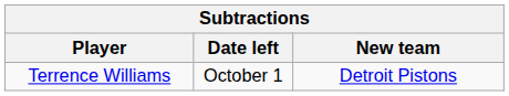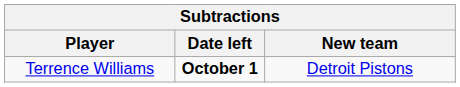 <table class="wikitable" style="text-align:center">
 <tr>
 <th colspan=3>Subtractions</th>
 </tr>
 <tr>
 <th style="width:160px">Player</th>
 <th style="width:80px">Date left</th>
 <th style="width:180px">New team</th>
 </tr>
 <tr>
 <td><a href='#'>Terrence Williams</a></td>
-<td>October 1</td>
+<td><strong>October 1</strong></td>
 <td><a href='#'>Detroit Pistons</a></td>
 </tr>
 </table>
